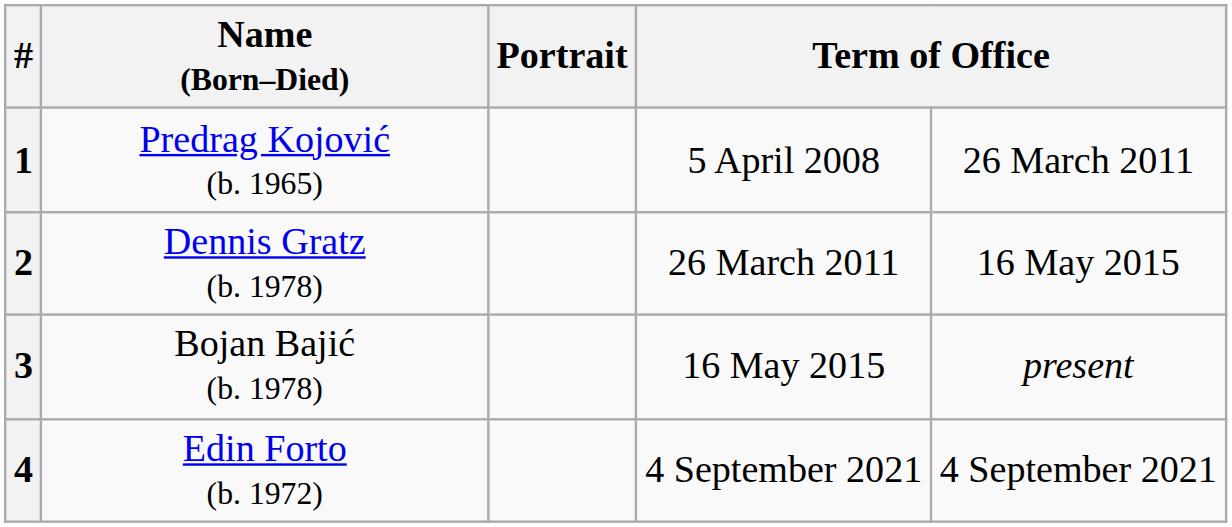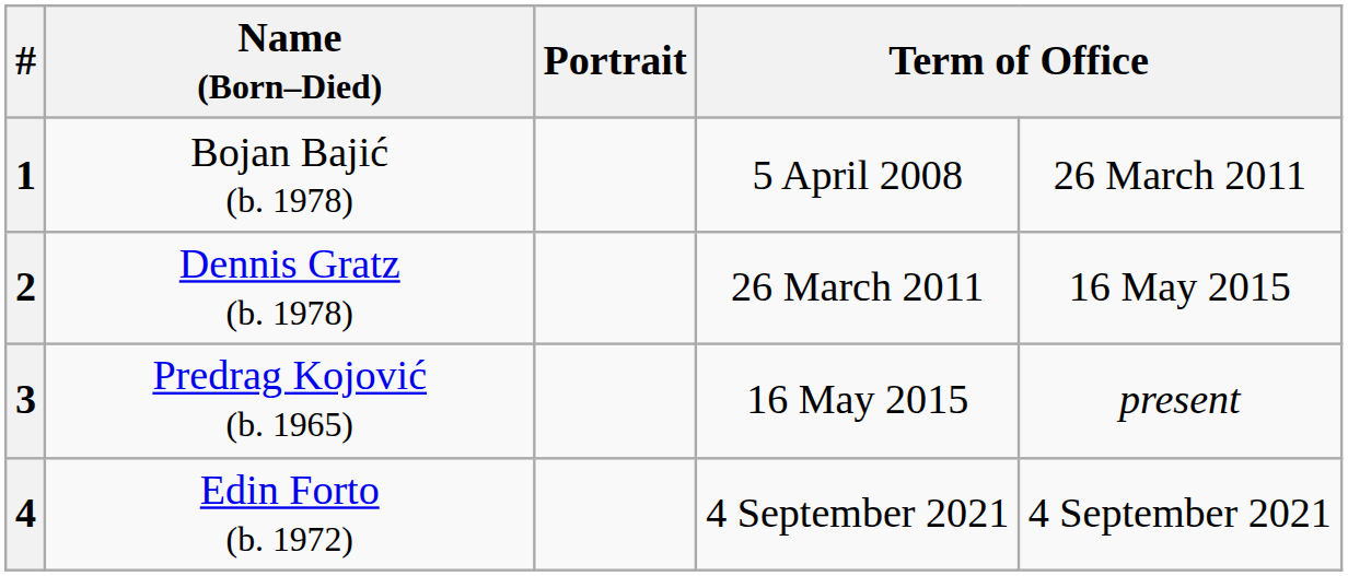 <table class="wikitable" style="text-align:center">
 <tr ->
 <th>#</th>
 <th width=180>Name<br><small>(Born–Died)</small></th>
 <th>Portrait</th>
 <th colspan=2>Term of Office</th>
 </tr>
 <tr ->
 <th align=center style="background: ">1</th>
-<td><a href='#'>Predrag Kojović</a><br><small>(b. 1965)</small></td>
+<td>Bojan Bajić<br><small>(b. 1978)</small></td>
 <td></td>
 <td>5 April 2008</td>
 <td>26 March 2011</td>
 </tr>
 <tr ->
 <th align=center style="background: ">2</th>
 <td><a href='#'>Dennis Gratz</a><br><small>(b. 1978)</small></td>
 <td></td>
 <td>26 March 2011</td>
 <td>16 May 2015</td>
 </tr>
 <tr ->
 <th align=center style="background: ">3</th>
-<td>Bojan Bajić<br><small>(b. 1978)</small></td>
+<td><a href='#'>Predrag Kojović</a><br><small>(b. 1965)</small></td>
 <td></td>
 <td>16 May 2015</td>
 <td><em>present</em></td>
 </tr>
 <tr ->
 <th align=center style="background: ">4</th>
 <td><a href='#'>Edin Forto</a><br><small>(b. 1972)</small></td>
 <td></td>
 <td>4 September 2021</td>
 <td>4 September 2021</td>
 </tr>
 </table>
